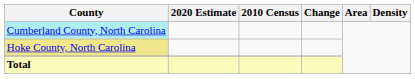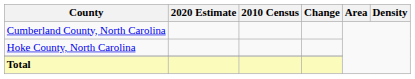 <table class="wikitable sortable">
 <tr>
 <th data-sort-type="text">County</th>
 <th data-sort-type="number">2020 Estimate</th>
 <th data-sort-type="number">2010 Census</th>
 <th data-sort-type="number">Change</th>
 <th data-sort-type="number">Area</th>
 <th data-sort-type="number">Density</th>
 </tr>
 <tr>
-<td style="background: paleturquoise;"><a href='#'>Cumberland County, North Carolina</a></td>
+<td><a href='#'>Cumberland County, North Carolina</a></td>
 <td></td>
 <td></td>
 <td></td>
 </tr>
 <tr>
-<td style="background: khaki;"><a href='#'>Hoke County, North Carolina</a></td>
+<td><a href='#'>Hoke County, North Carolina</a></td>
 <td></td>
 <td></td>
 <td></td>
 </tr>
 <tr>
 </tr>
 <tr class=sortbottom style = "background:#fbfbbb">
 <td><strong>Total</strong></td>
 <td></td>
 <td></td>
 <td></td>
 </tr>
 </table>
